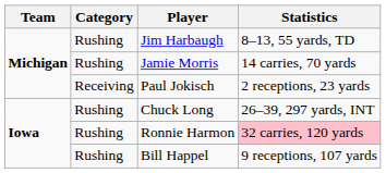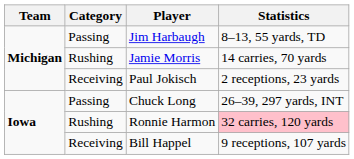 <table class="wikitable" style="float: left;">
 <tr>
 <th>Team</th>
 <th>Category</th>
 <th>Player</th>
 <th>Statistics</th>
 </tr>
 <tr>
 <td rowspan=3><strong>Michigan</strong></td>
-<td>Rushing</td>
+<td>Passing</td>
 <td><a href='#'>Jim Harbaugh</a></td>
 <td>8–13, 55 yards, TD</td>
 </tr>
 <tr>
 <td>Rushing</td>
 <td><a href='#'>Jamie Morris</a></td>
 <td>14 carries, 70 yards</td>
 </tr>
 <tr>
 <td>Receiving</td>
 <td>Paul Jokisch</td>
 <td>2 receptions, 23 yards</td>
 </tr>
 <tr>
 <td rowspan=3><strong>Iowa</strong></td>
-<td>Rushing</td>
+<td>Passing</td>
 <td>Chuck Long</td>
 <td>26–39, 297 yards, INT</td>
 </tr>
 <tr>
 <td>Rushing</td>
 <td>Ronnie Harmon</td>
 <td style="background: pink;">32 carries, 120 yards</td>
 </tr>
 <tr>
-<td>Rushing</td>
+<td>Receiving</td>
 <td>Bill Happel</td>
 <td>9 receptions, 107 yards</td>
 </tr>
 </table>
